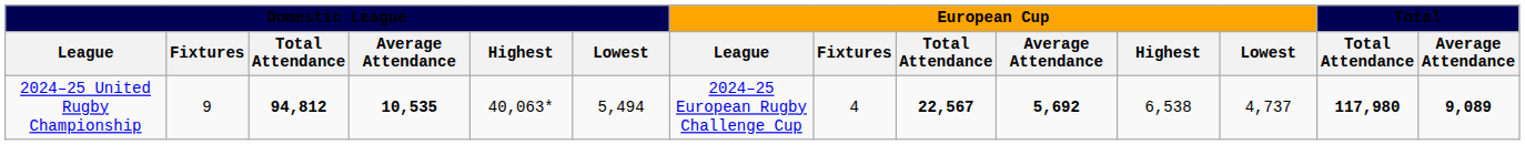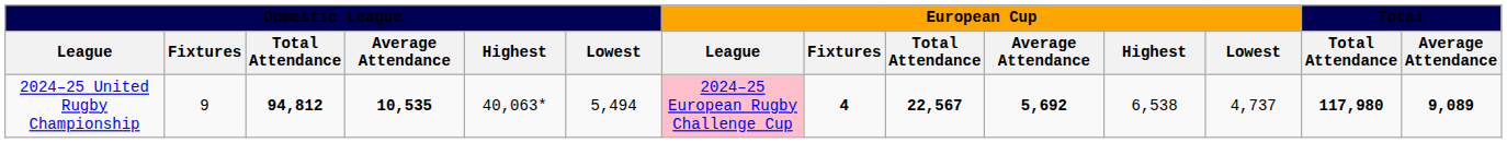 <table class="wikitable sortable" style="font-size:90%; width:90%;">
 <tr>
 <td colspan="6" class="wikitable sortable" style="width:45%; background:#000055; text-align:center;"><span><strong>Domestic League</strong></span></td>
 <td colspan="6" class="wikitable sortable" style="width:45%; background:orange; text-align:center;"><span><strong>European Cup</strong></span></td>
 <td colspan="2" class="wikitable sortable" style="width:45%; background:#000055; text-align:center;"><span><strong>Total</strong></span></td>
 </tr>
 <tr>
 <th style="width:15%;">League</th>
 <th style="width:5%;">Fixtures</th>
 <th>Total Attendance</th>
 <th style="width:10%;">Average Attendance</th>
 <th style="width:10%;">Highest</th>
 <th style="width:10%;">Lowest</th>
 <th style="width:15%;">League</th>
 <th style="width:5%;">Fixtures</th>
 <th>Total Attendance</th>
 <th style="width:10%;">Average Attendance</th>
 <th style="width:10%;">Highest</th>
 <th style="width:10%;">Lowest</th>
 <th style="width:10%;">Total Attendance</th>
 <th style="width:10%;">Average Attendance</th>
 </tr>
 <tr>
 <td align=center><a href='#'>2024–25 United Rugby Championship</a></td>
 <td align=center>9</td>
 <td align="center"><strong>94,812</strong></td>
 <td align="center"><strong>10,535</strong></td>
 <td align="center">40,063*</td>
 <td align=center>5,494</td>
-<td align=center><a href='#'>2024–25 European Rugby Challenge Cup</a></td>
-<td align=center>4</td>
+<td align=center style="background: pink;"><a href='#'>2024–25 European Rugby Challenge Cup</a></td>
+<td align=center><strong>4</strong></td>
 <td align="center"><strong>22,567</strong></td>
 <td align="center"><strong>5,692</strong></td>
 <td align=center>6,538</td>
 <td align=center>4,737</td>
 <td align=center><strong>117,980</strong></td>
 <td align=center><strong>9,089</strong></td>
 </tr>
 </table>
